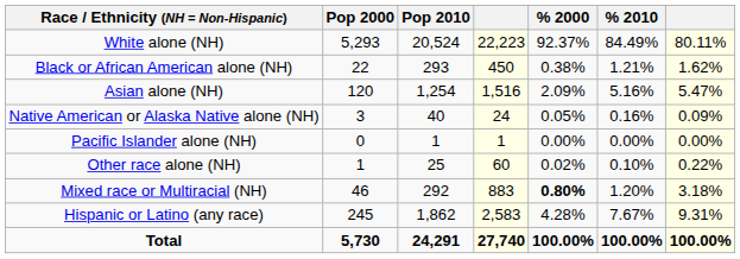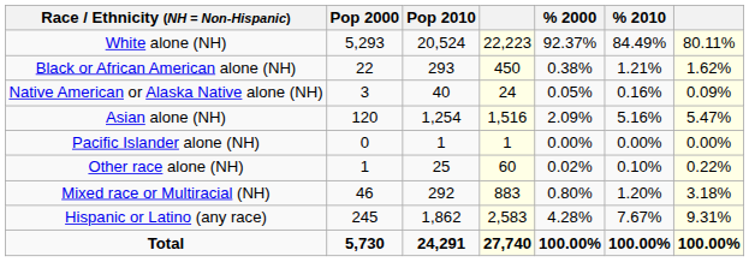 <table class="wikitable"  style="text-align:center;">
 <tr>
 <th>Race / Ethnicity <small>(<em>NH = Non-Hispanic</em>)</small></th>
 <th>Pop 2000</th>
 <th>Pop 2010</th>
 <th></th>
 <th>% 2000</th>
 <th>% 2010</th>
 <th></th>
 </tr>
 <tr>
 <td><a href='#'>White</a> alone (NH)</td>
 <td>5,293</td>
 <td>20,524</td>
 <td style='background: #ffffe6;'>22,223</td>
 <td>92.37%</td>
 <td>84.49%</td>
 <td style='background: #ffffe6;'>80.11%</td>
 </tr>
 <tr>
 <td><a href='#'>Black or African American</a> alone (NH)</td>
 <td>22</td>
 <td>293</td>
 <td style='background: #ffffe6;'>450</td>
 <td>0.38%</td>
 <td>1.21%</td>
 <td style='background: #ffffe6;'>1.62%</td>
 </tr>
 <tr>
+<td><a href='#'>Native American</a> or <a href='#'>Alaska Native</a> alone (NH)</td>
+<td>3</td>
+<td>40</td>
+<td style='background: #ffffe6;'>24</td>
+<td>0.05%</td>
+<td>0.16%</td>
+<td style='background: #ffffe6;'>0.09%</td>
+</tr>
+<tr>
 <td><a href='#'>Asian</a> alone (NH)</td>
 <td>120</td>
 <td>1,254</td>
 <td style='background: #ffffe6;'>1,516</td>
 <td>2.09%</td>
 <td>5.16%</td>
 <td style='background: #ffffe6;'>5.47%</td>
-</tr>
-<tr>
-<td><a href='#'>Native American</a> or <a href='#'>Alaska Native</a> alone (NH)</td>
-<td>3</td>
-<td>40</td>
-<td style='background: #ffffe6;'>24</td>
-<td>0.05%</td>
-<td>0.16%</td>
-<td style='background: #ffffe6;'>0.09%</td>
 </tr>
 <tr>
 <td><a href='#'>Pacific Islander</a> alone (NH)</td>
 <td>0</td>
 <td>1</td>
 <td style='background: #ffffe6;'>1</td>
 <td>0.00%</td>
 <td>0.00%</td>
 <td style='background: #ffffe6;'>0.00%</td>
 </tr>
 <tr>
 <td><a href='#'>Other race</a> alone (NH)</td>
 <td>1</td>
 <td>25</td>
 <td style='background: #ffffe6;'>60</td>
 <td>0.02%</td>
 <td>0.10%</td>
 <td style='background: #ffffe6;'>0.22%</td>
 </tr>
 <tr>
 <td><a href='#'>Mixed race or Multiracial</a> (NH)</td>
 <td>46</td>
 <td>292</td>
 <td style='background: #ffffe6;'>883</td>
-<td><strong>0.80%</strong></td>
+<td>0.80%</td>
 <td>1.20%</td>
 <td style='background: #ffffe6;'>3.18%</td>
 </tr>
 <tr>
 <td><a href='#'>Hispanic or Latino</a> (any race)</td>
 <td>245</td>
 <td>1,862</td>
 <td style='background: #ffffe6;'>2,583</td>
 <td>4.28%</td>
 <td>7.67%</td>
 <td style='background: #ffffe6;'>9.31%</td>
 </tr>
 <tr>
 <td><strong>Total</strong></td>
 <td><strong>5,730</strong></td>
 <td><strong>24,291</strong></td>
 <td style='background: #ffffe6;'><strong>27,740</strong></td>
 <td><strong>100.00%</strong></td>
 <td><strong>100.00%</strong></td>
 <td style='background: #ffffe6;'><strong>100.00%</strong></td>
 </tr>
 </table>
